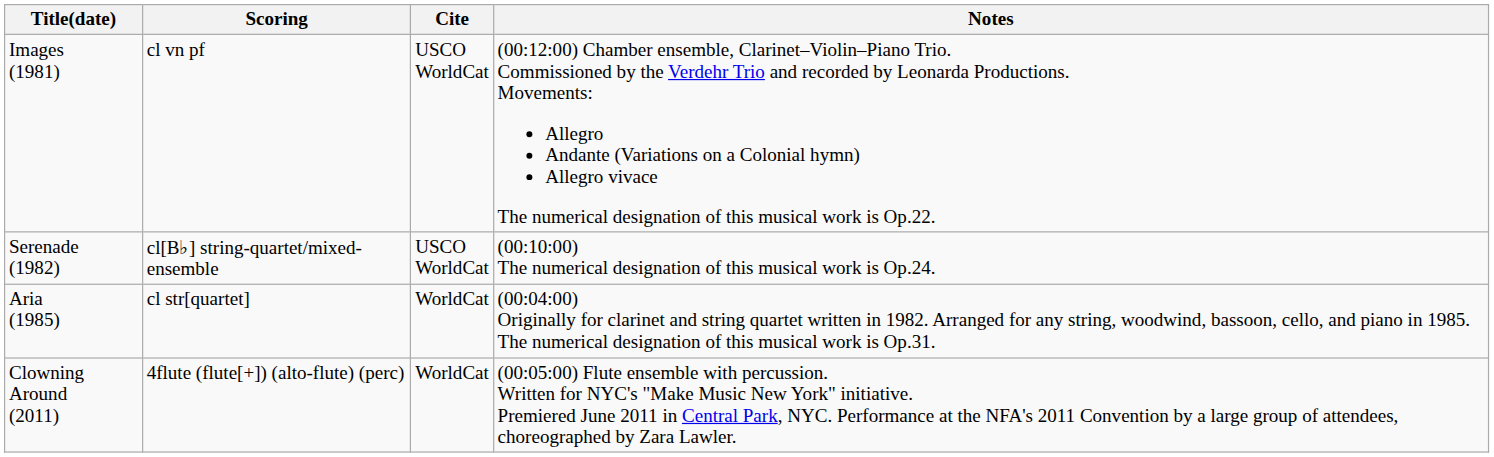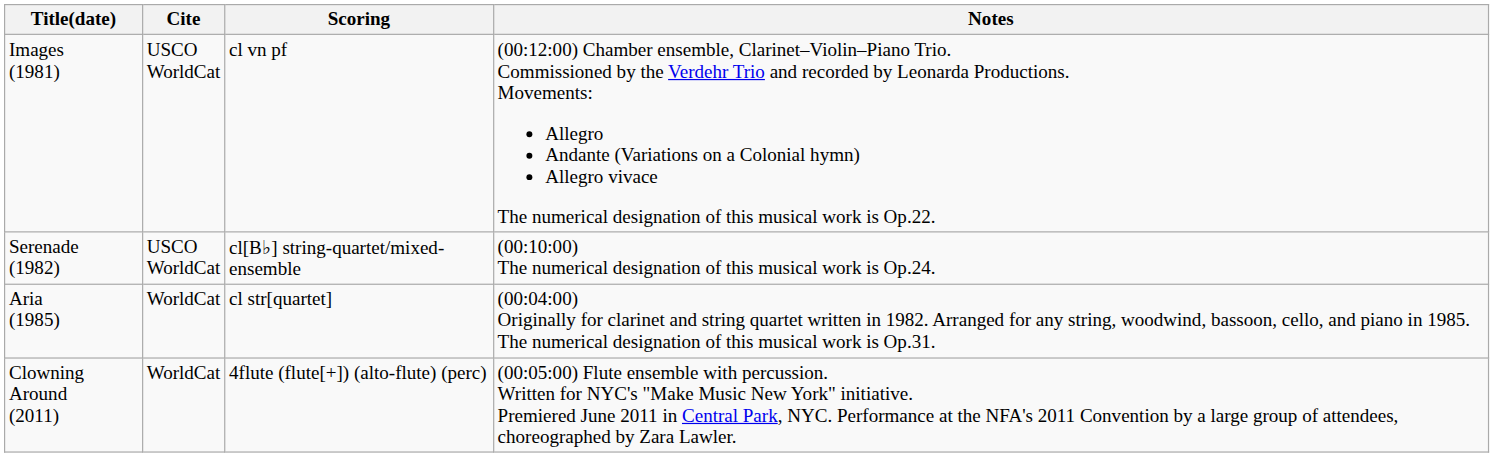 <table class="sortable wikitable" style="margins:auto; width=95%;">
 <tr>
 <th width="">Title(date)</th>
+<th width="">Cite</th>
 <th width="">Scoring</th>
-<th width="">Cite</th>
 <th width="">Notes</th>
 </tr>
 <tr valign="top">
 <td>Images<br>(1981)</td>
+<td>USCO<br>WorldCat</td>
 <td>cl vn pf</td>
-<td>USCO<br>WorldCat</td>
 <td>(00:12:00) Chamber ensemble, Clarinet–Violin–Piano Trio.<br>Commissioned by the <a href='#'>Verdehr Trio</a> and recorded by Leonarda Productions.<br>Movements:<ul><li>Allegro</li><li>Andante (Variations on a Colonial hymn)</li><li>Allegro vivace</li></ul>The numerical designation of this musical work is Op.22.</td>
 </tr>
 <tr valign="top">
 <td>Serenade<br>(1982)</td>
+<td>USCO<br>WorldCat</td>
 <td>cl[B♭] string-quartet/mixed-ensemble</td>
-<td>USCO<br>WorldCat</td>
 <td>(00:10:00)<br>The numerical designation of this musical work is Op.24.</td>
 </tr>
 <tr valign="top">
 <td>Aria<br>(1985)</td>
+<td>WorldCat</td>
 <td>cl str[quartet]</td>
-<td>WorldCat</td>
 <td>(00:04:00)<br>Originally for clarinet and string quartet written in 1982. Arranged for any string, woodwind, bassoon, cello, and piano in 1985.<br>The numerical designation of this musical work is Op.31.</td>
 </tr>
 <tr valign="top">
 <td>Clowning Around<br>(2011)</td>
+<td>WorldCat</td>
 <td>4flute (flute[+]) (alto-flute) (perc)</td>
-<td>WorldCat</td>
 <td>(00:05:00) Flute ensemble with percussion.<br>Written for NYC's "Make Music New York" initiative.<br>Premiered June 2011 in <a href='#'>Central Park</a>, NYC. Performance at the NFA's 2011 Convention by a large group of attendees, choreographed by Zara Lawler.</td>
 </tr>
 </table>
